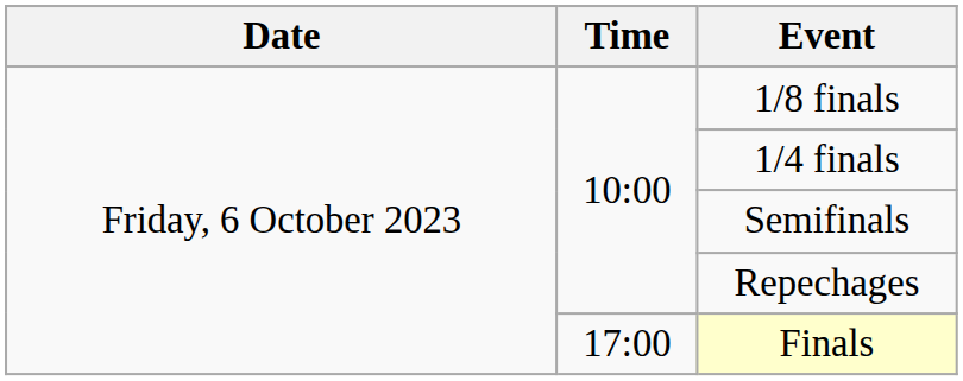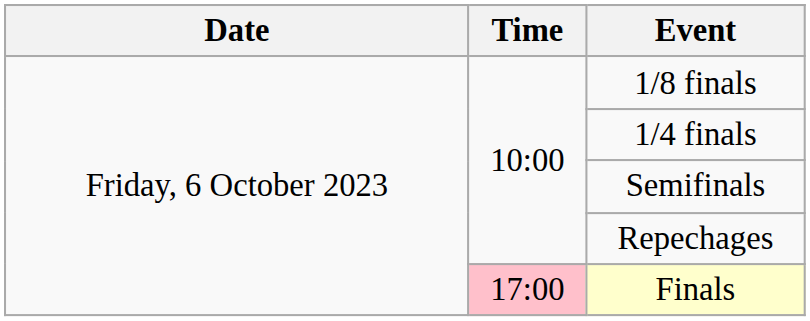 <table class = "wikitable" style="text-align:center;">
 <tr>
 <th width=220>Date</th>
 <th width=50>Time</th>
 <th width=100>Event</th>
 </tr>
 <tr>
 <td rowspan=5>Friday, 6 October 2023</td>
 <td rowspan=4>10:00</td>
 <td>1/8 finals</td>
 </tr>
 <tr>
 <td>1/4 finals</td>
 </tr>
 <tr>
 <td>Semifinals</td>
 </tr>
 <tr>
 <td>Repechages</td>
 </tr>
 <tr>
-<td>17:00</td>
+<td style="background: pink;">17:00</td>
 <td bgcolor=ffffcc>Finals</td>
 </tr>
 </table>
